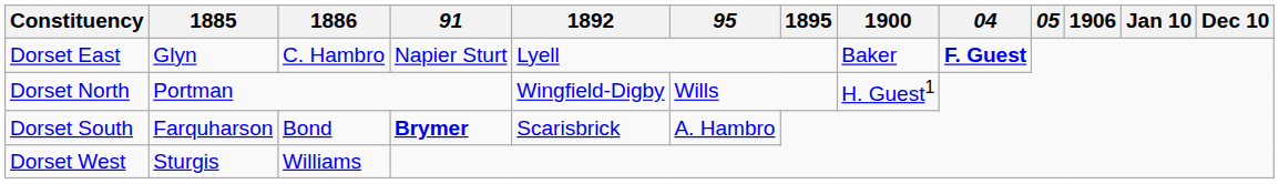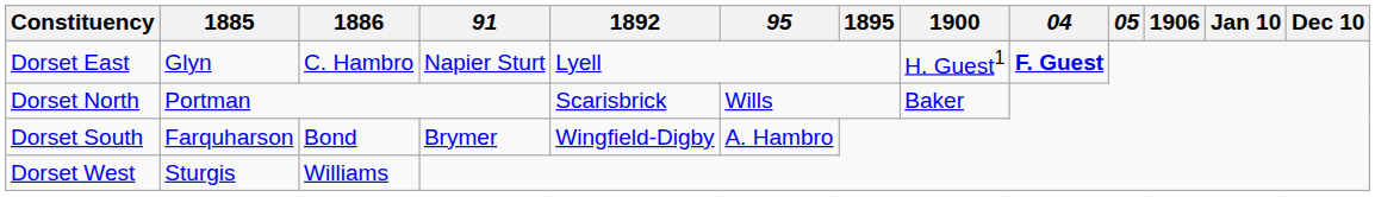 <table class="wikitable">
 <tr>
 <th>Constituency</th>
 <th>1885</th>
 <th>1886</th>
 <th><em>91</em></th>
 <th>1892</th>
 <th><em>95</em></th>
 <th>1895</th>
 <th>1900</th>
 <th><em>04</em></th>
 <th><em>05</em></th>
 <th>1906</th>
 <th>Jan 10</th>
 <th>Dec 10</th>
 </tr>
 <tr>
 <td><a href='#'>Dorset East</a></td>
 <td><a href='#'>Glyn</a></td>
 <td><a href='#'>C. Hambro</a></td>
 <td><a href='#'>Napier Sturt</a></td>
 <td colspan="3"><a href='#'>Lyell</a></td>
-<td><a href='#'>Baker</a></td>
+<td><a href='#'>H. Guest</a><sup>1</sup></td>
 <td><strong><a href='#'>F. Guest</a></strong></td>
 </tr>
 <tr>
 <td><a href='#'>Dorset North</a></td>
 <td colspan="3"><a href='#'>Portman</a></td>
-<td><a href='#'>Wingfield-Digby</a></td>
+<td><a href='#'>Scarisbrick</a></td>
 <td colspan="2"><a href='#'>Wills</a></td>
-<td><a href='#'>H. Guest</a><sup>1</sup></td>
+<td><a href='#'>Baker</a></td>
 </tr>
 <tr>
 <td><a href='#'>Dorset South</a></td>
 <td><a href='#'>Farquharson</a></td>
 <td><a href='#'>Bond</a></td>
-<td><strong><a href='#'>Brymer</a></strong></td>
-<td><a href='#'>Scarisbrick</a></td>
+<td><a href='#'>Brymer</a></td>
+<td><a href='#'>Wingfield-Digby</a></td>
 <td><a href='#'>A. Hambro</a></td>
 </tr>
 <tr>
 <td><a href='#'>Dorset West</a></td>
 <td bgcolor=><a href='#'>Sturgis</a></td>
 <td><a href='#'>Williams</a></td>
 </tr>
 </table>
